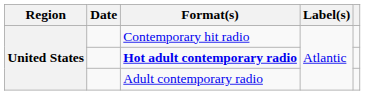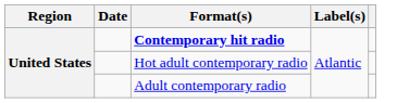 <table class="wikitable plainrowheaders" style="text-align:left">
 <tr>
 <th scope="col">Region</th>
 <th scope="col">Date</th>
 <th scope="col">Format(s)</th>
 <th scope="col">Label(s)</th>
 <th scope="col"></th>
 </tr>
 <tr>
 <th scope="row" rowspan="3">United States</th>
 <td></td>
-<td><a href='#'>Contemporary hit radio</a></td>
+<td><strong><a href='#'>Contemporary hit radio</a></strong></td>
 <td rowspan="3"><a href='#'>Atlantic</a></td>
 <td></td>
 </tr>
 <tr>
 <td></td>
-<td><strong><a href='#'>Hot adult contemporary radio</a></strong></td>
+<td><a href='#'>Hot adult contemporary radio</a></td>
 <td></td>
 </tr>
 <tr>
 <td></td>
 <td><a href='#'>Adult contemporary radio</a></td>
 <td></td>
 </tr>
 </table>
